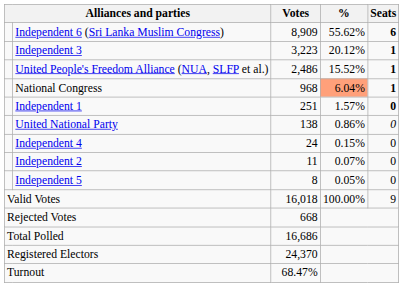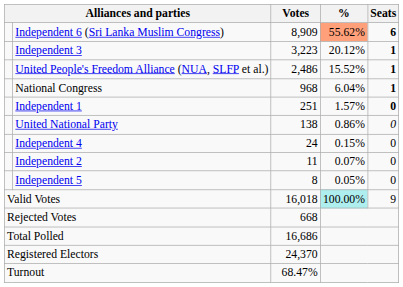 <table class="wikitable" border="1" style="text-align:right;">
 <tr>
 <th valign=bottom align=left colspan=2>Alliances and parties</th>
 <th valign=bottom align=center width="60">Votes</th>
 <th valign=bottom align=center width="50">%</th>
 <th valign=bottom align=center>Seats</th>
 </tr>
 <tr>
 <td bgcolor=> </td>
 <td align=left><a href='#'>Independent 6</a> (<a href='#'>Sri Lanka Muslim Congress</a>)</td>
 <td>8,909</td>
-<td>55.62%</td>
+<td style="background: lightsalmon;">55.62%</td>
 <td><strong>6</strong></td>
 </tr>
 <tr>
 <td></td>
 <td align=left><a href='#'>Independent 3</a></td>
 <td>3,223</td>
 <td>20.12%</td>
 <td><strong>1</strong></td>
 </tr>
 <tr>
 <td bgcolor=> </td>
 <td align=left><a href='#'>United People's Freedom Alliance</a> (<a href='#'>NUA</a>, <a href='#'>SLFP</a> et al.)</td>
 <td>2,486</td>
 <td>15.52%</td>
 <td><strong>1</strong></td>
 </tr>
 <tr>
 <td></td>
 <td align=left>National Congress</td>
 <td>968</td>
-<td style="background: lightsalmon;">6.04%</td>
+<td>6.04%</td>
 <td><strong>1</strong></td>
 </tr>
 <tr>
 <td></td>
 <td align=left><a href='#'>Independent 1</a></td>
 <td>251</td>
 <td>1.57%</td>
 <td><strong>0</strong></td>
 </tr>
 <tr>
 <td bgcolor=> </td>
 <td align=left><a href='#'>United National Party</a></td>
 <td>138</td>
 <td>0.86%</td>
 <td><em>0<strong></td>
 </tr>
 <tr>
 <td></td>
 <td align=left><a href='#'>Independent 4</a></td>
 <td>24</td>
 <td>0.15%</td>
 <td></strong>0<strong></td>
 </tr>
 <tr>
 <td></td>
 <td align=left><a href='#'>Independent 2</a></td>
 <td>11</td>
 <td>0.07%</td>
 <td></strong>0<strong></td>
 </tr>
 <tr>
 <td></td>
 <td align=left><a href='#'>Independent 5</a></td>
 <td>8</td>
 <td>0.05%</td>
 <td></strong>0<strong></td>
 </tr>
 <tr>
 <td colspan=2 align=left></strong>Valid Votes<strong></td>
 <td></strong>16,018<strong></td>
-<td></strong>100.00%<strong></td>
+<td style="background: paleturquoise;"></strong>100.00%<strong></td>
 <td></strong>9<strong></td>
 </tr>
 <tr>
 <td colspan=2 align=left>Rejected Votes</td>
 <td>668</td>
 <td colspan=2></td>
 </tr>
 <tr>
 <td colspan=2 align=left>Total Polled</td>
 <td>16,686</td>
 <td colspan=2></td>
 </tr>
 <tr>
 <td colspan=2 align=left>Registered Electors</td>
 <td>24,370</td>
 <td colspan=2></td>
 </tr>
 <tr>
 <td colspan=2 align=left>Turnout</td>
 <td>68.47%</td>
 <td colspan=2></td>
 </tr>
 </table>
